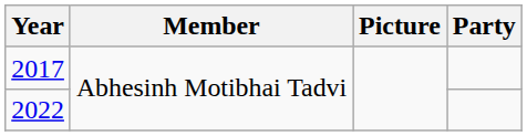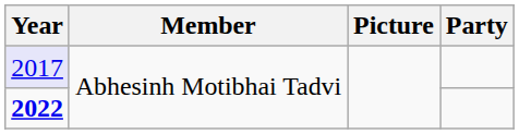 <table class="wikitable sortable">
 <tr>
 <th>Year</th>
 <th>Member</th>
 <th>Picture</th>
 <th colspan="2">Party</th>
 </tr>
 <tr>
-<td><a href='#'>2017</a></td>
+<td style="background: lavender;"><a href='#'>2017</a></td>
 <td rowspan="2">Abhesinh Motibhai Tadvi</td>
 <td rowspan="2"></td>
 <td></td>
 </tr>
 <tr>
-<td><a href='#'>2022</a></td>
+<td><strong><a href='#'>2022</a></strong></td>
 </tr>
 </table>
